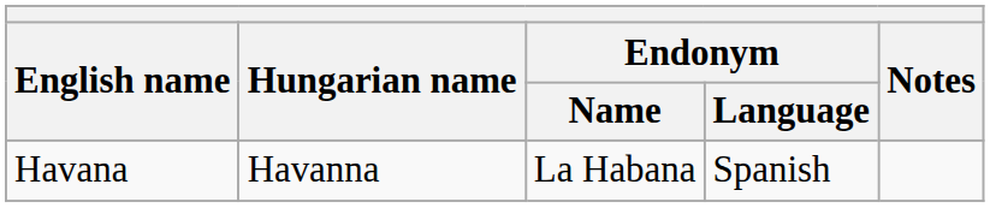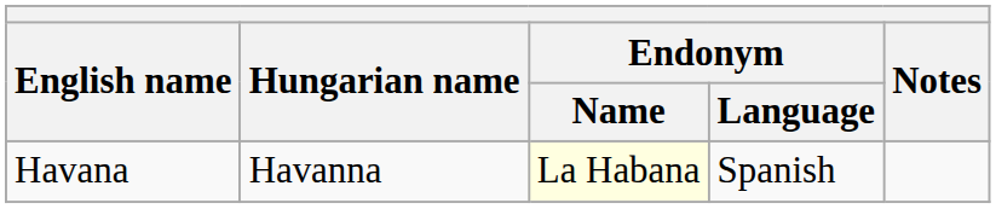 <table class="wikitable sortable">
 <tr>
 <th colspan="5"></th>
 </tr>
 <tr>
 <th rowspan="2">English name</th>
 <th rowspan="2">Hungarian name</th>
 <th colspan="2">Endonym</th>
 <th rowspan="2">Notes</th>
 </tr>
 <tr>
 <th>Name</th>
 <th>Language</th>
 </tr>
 <tr>
 <td>Havana</td>
 <td>Havanna</td>
-<td>La Habana</td>
+<td style="background: lightyellow;">La Habana</td>
 <td>Spanish</td>
 <td></td>
 </tr>
 </table>
